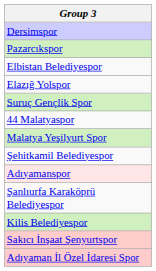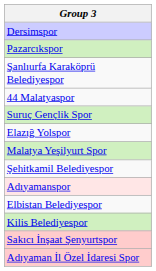 <table class="wikitable collapsible collapsed" style="font-size:95%;">
 <tr>
 <th colspan="1" width="200"><em>Group 3</em></th>
 </tr>
 <tr>
 <td style="background:#ccccff;"><a href='#'>Dersimspor</a></td>
 </tr>
 <tr>
 <td style="background:#D0F0C0;"><a href='#'>Pazarcıkspor</a></td>
 </tr>
 <tr>
-<td><a href='#'>Elbistan Belediyespor</a></td>
+<td><a href='#'>Şanlıurfa Karaköprü Belediyespor</a></td>
 </tr>
 <tr>
-<td><a href='#'>Elazığ Yolspor</a></td>
+<td><a href='#'>44 Malatyaspor</a></td>
 </tr>
 <tr>
 <td style="background:#D0F0C0;"><a href='#'>Suruç Gençlik Spor</a></td>
 </tr>
 <tr>
-<td><a href='#'>44 Malatyaspor</a></td>
+<td><a href='#'>Elazığ Yolspor</a></td>
 </tr>
 <tr>
 <td style="background:#D0F0C0;"><a href='#'>Malatya Yeşilyurt Spor</a></td>
 </tr>
 <tr>
 <td><a href='#'>Şehitkamil Belediyespor</a></td>
 </tr>
 <tr>
 <td style="background:#FFE6E6;"><a href='#'>Adıyamanspor</a></td>
 </tr>
 <tr>
-<td><a href='#'>Şanlıurfa Karaköprü Belediyespor</a></td>
+<td><a href='#'>Elbistan Belediyespor</a></td>
 </tr>
 <tr>
 <td style="background:#D0F0C0;"><a href='#'>Kilis Belediyespor</a></td>
 </tr>
 <tr>
 <td style="background:#fcc;"><a href='#'>Sakıcı İnşaat Şenyurtspor</a></td>
 </tr>
 <tr>
 <td style="background:#fcc;"><a href='#'>Adıyaman İl Özel İdaresi Spor</a></td>
 </tr>
 </table>
